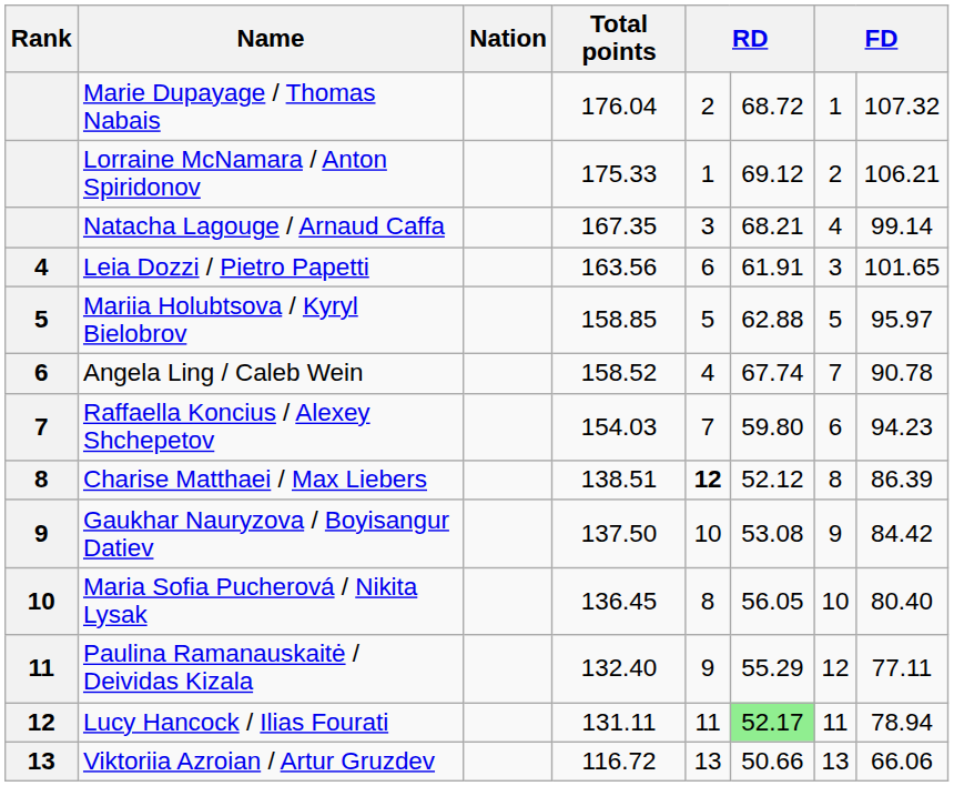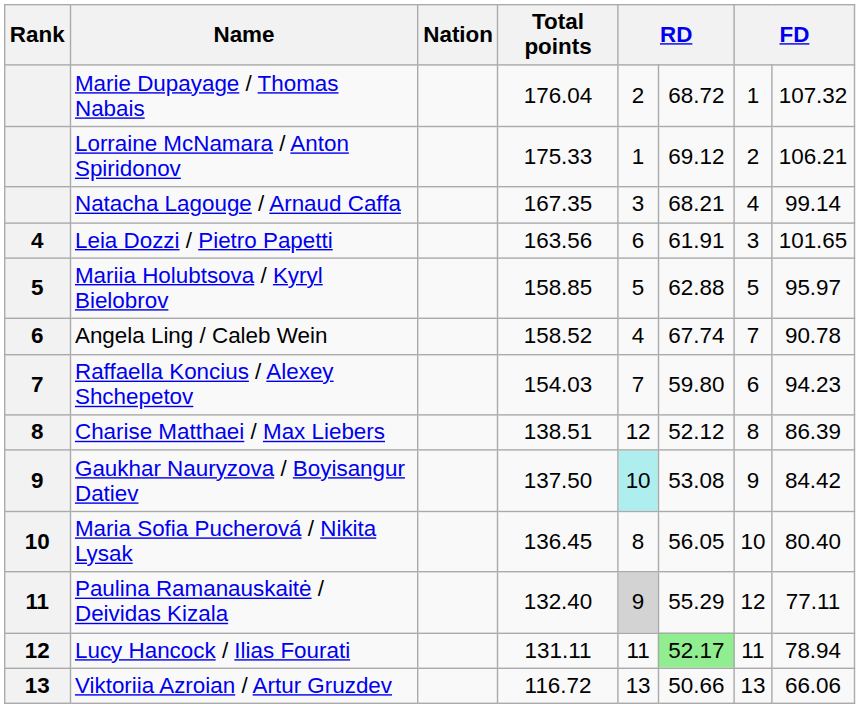 <table class="wikitable sortable">
 <tr>
 <th>Rank</th>
 <th>Name</th>
 <th>Nation</th>
 <th>Total points</th>
 <th colspan="2" width="80px"><a href='#'>RD</a></th>
 <th colspan="2" width="80px"><a href='#'>FD</a></th>
 </tr>
 <tr>
 <th align="center"></th>
 <td><a href='#'>Marie Dupayage</a> / <a href='#'>Thomas Nabais</a></td>
 <td></td>
 <td align="center">176.04</td>
 <td align="center">2</td>
 <td align="center">68.72</td>
 <td align="center">1</td>
 <td align="center">107.32</td>
 </tr>
 <tr>
 <th align="center"></th>
 <td><a href='#'>Lorraine McNamara</a> / <a href='#'>Anton Spiridonov</a></td>
 <td></td>
 <td align="center">175.33</td>
 <td align="center">1</td>
 <td align="center">69.12</td>
 <td align="center">2</td>
 <td align="center">106.21</td>
 </tr>
 <tr>
 <th align="center"></th>
 <td><a href='#'>Natacha Lagouge</a> / <a href='#'>Arnaud Caffa</a></td>
 <td></td>
 <td align="center">167.35</td>
 <td align="center">3</td>
 <td align="center">68.21</td>
 <td align="center">4</td>
 <td align="center">99.14</td>
 </tr>
 <tr>
 <th>4</th>
 <td><a href='#'>Leia Dozzi</a> / <a href='#'>Pietro Papetti</a></td>
 <td></td>
 <td align="center">163.56</td>
 <td align="center">6</td>
 <td align="center">61.91</td>
 <td align="center">3</td>
 <td align="center">101.65</td>
 </tr>
 <tr>
 <th>5</th>
 <td><a href='#'>Mariia Holubtsova</a> / <a href='#'>Kyryl Bielobrov</a></td>
 <td></td>
 <td align="center">158.85</td>
 <td align="center">5</td>
 <td align="center">62.88</td>
 <td align="center">5</td>
 <td align="center">95.97</td>
 </tr>
 <tr>
 <th>6</th>
 <td>Angela Ling / Caleb Wein</td>
 <td></td>
 <td align="center">158.52</td>
 <td align="center">4</td>
 <td align="center">67.74</td>
 <td align="center">7</td>
 <td align="center">90.78</td>
 </tr>
 <tr>
 <th>7</th>
 <td><a href='#'>Raffaella Koncius</a> / <a href='#'>Alexey Shchepetov</a></td>
 <td></td>
 <td align="center">154.03</td>
 <td align="center">7</td>
 <td align="center">59.80</td>
 <td align="center">6</td>
 <td align="center">94.23</td>
 </tr>
 <tr>
 <th>8</th>
 <td><a href='#'>Charise Matthaei</a> / <a href='#'>Max Liebers</a></td>
 <td></td>
 <td align="center">138.51</td>
-<td align="center"><strong>12</strong></td>
+<td align="center">12</td>
 <td align="center">52.12</td>
 <td align="center">8</td>
 <td align="center">86.39</td>
 </tr>
 <tr>
 <th>9</th>
 <td><a href='#'>Gaukhar Nauryzova</a> / <a href='#'>Boyisangur Datiev</a></td>
 <td></td>
 <td align="center">137.50</td>
-<td align="center">10</td>
+<td align="center" style="background: paleturquoise;">10</td>
 <td align="center">53.08</td>
 <td align="center">9</td>
 <td align="center">84.42</td>
 </tr>
 <tr>
 <th>10</th>
 <td><a href='#'>Maria Sofia Pucherová</a> / <a href='#'>Nikita Lysak</a></td>
 <td></td>
 <td align="center">136.45</td>
 <td align="center">8</td>
 <td align="center">56.05</td>
 <td align="center">10</td>
 <td align="center">80.40</td>
 </tr>
 <tr>
 <th>11</th>
 <td><a href='#'>Paulina Ramanauskaitė</a> / <a href='#'>Deividas Kizala</a></td>
 <td></td>
 <td align="center">132.40</td>
-<td align="center">9</td>
+<td align="center" style="background: lightgrey;">9</td>
 <td align="center">55.29</td>
 <td align="center">12</td>
 <td align="center">77.11</td>
 </tr>
 <tr>
 <th>12</th>
 <td><a href='#'>Lucy Hancock</a> / <a href='#'>Ilias Fourati</a></td>
 <td></td>
 <td align="center">131.11</td>
 <td align="center">11</td>
 <td align="center" style="background: lightgreen;">52.17</td>
 <td align="center">11</td>
 <td align="center">78.94</td>
 </tr>
 <tr>
 <th>13</th>
 <td><a href='#'>Viktoriia Azroian</a> / <a href='#'>Artur Gruzdev</a></td>
 <td></td>
 <td align="center">116.72</td>
 <td align="center">13</td>
 <td align="center">50.66</td>
 <td align="center">13</td>
 <td align="center">66.06</td>
 </tr>
 </table>
